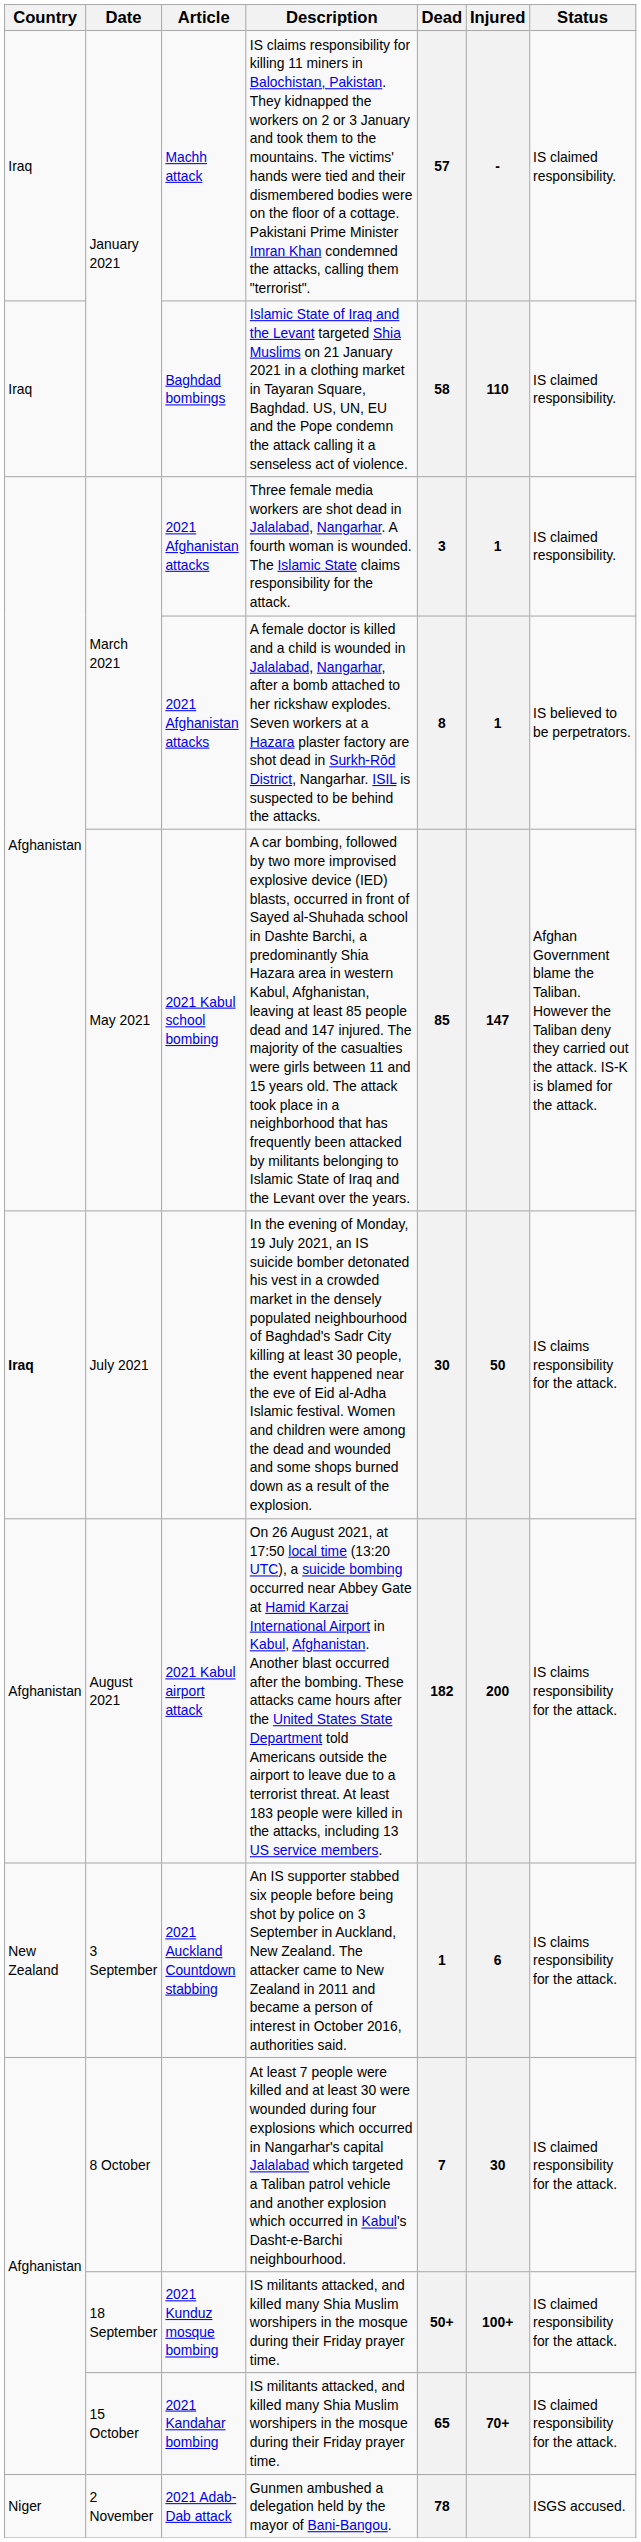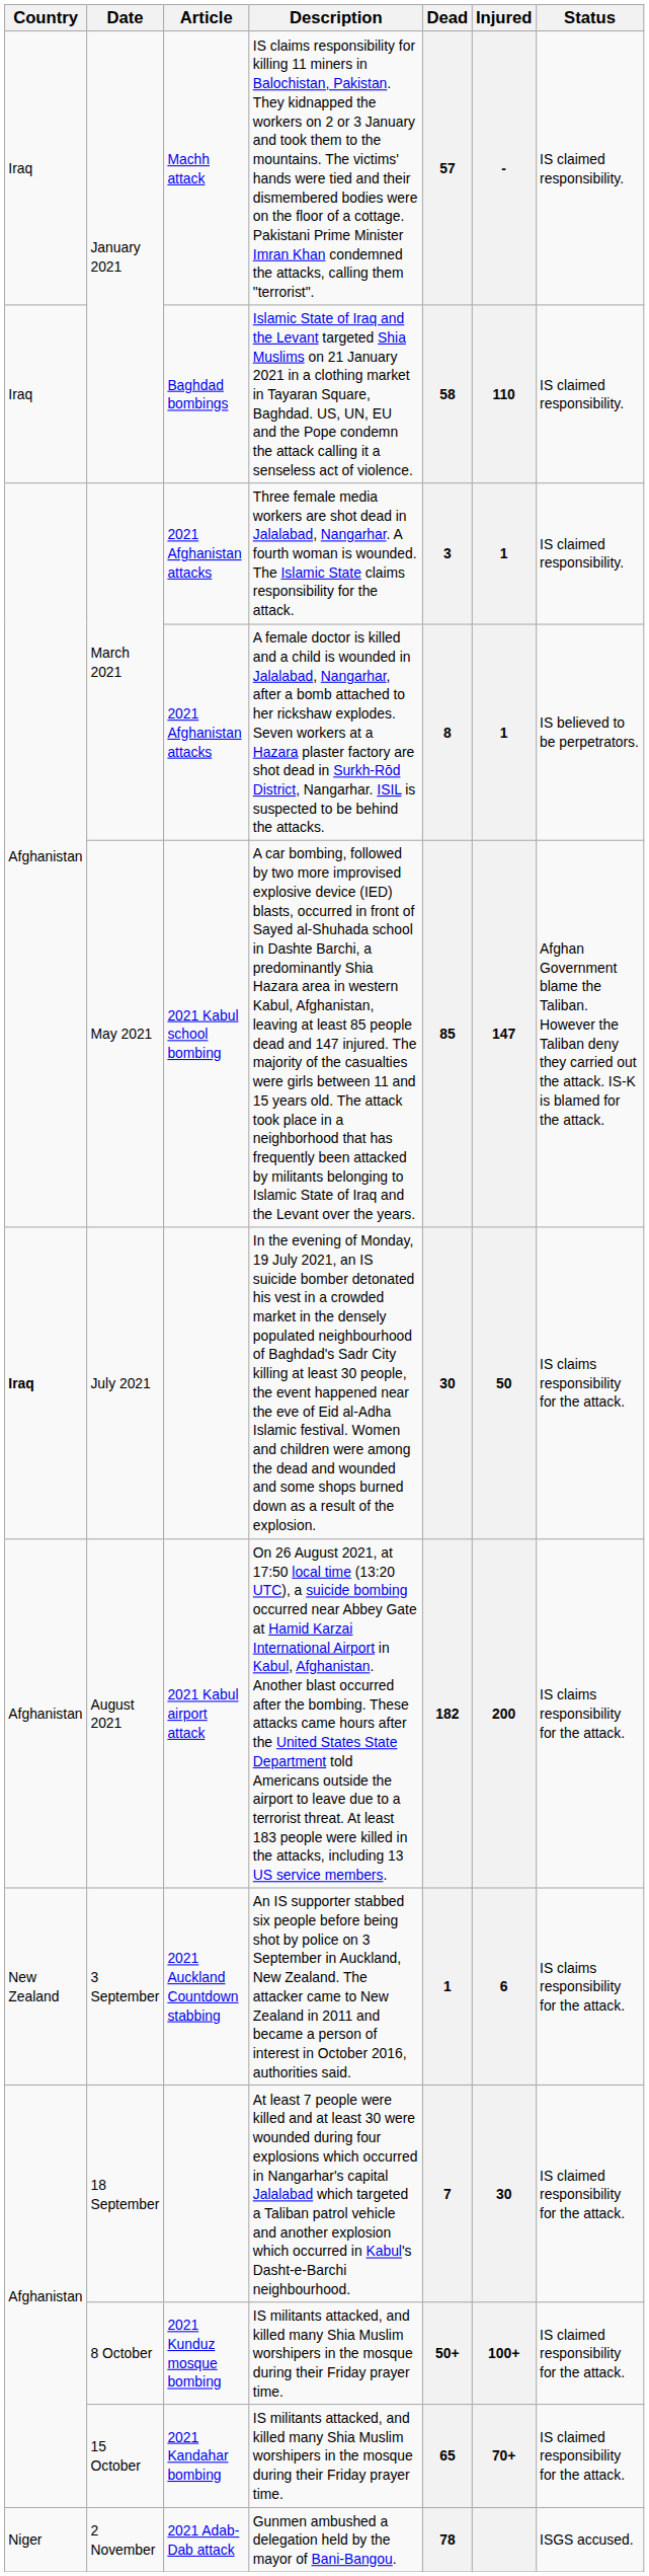 <table class="wikitable sortable">
 <tr>
 <th>Country</th>
 <th>Date</th>
 <th>Article</th>
 <th>Description</th>
 <th>Dead</th>
 <th>Injured</th>
 <th>Status</th>
 </tr>
 <tr>
 <td><small>Iraq</small></td>
 <td rowspan="2"><small>January 2021</small></td>
 <td><a href='#'><small>Machh attack</small></a></td>
 <td><small>IS claims responsibility for killing 11 miners in <a href='#'>Balochistan, Pakistan</a>. They kidnapped the workers on 2 or 3 January and took them to the mountains. The victims' hands were tied and their dismembered bodies were on the floor of a cottage. Pakistani Prime Minister <a href='#'>Imran Khan</a> condemned the attacks, calling them "terrorist".</small></td>
 <th><small>57</small></th>
 <th><small>-</small></th>
 <td><small>IS claimed responsibility.</small></td>
 </tr>
 <tr>
 <td><small>Iraq</small></td>
 <td><a href='#'><small>Baghdad bombings</small></a></td>
 <td><small><a href='#'>Islamic State of Iraq and the Levant</a> targeted <a href='#'>Shia Muslims</a> on 21 January 2021 in a clothing market in Tayaran Square, Baghdad. US, UN, EU and the Pope condemn the attack calling it a senseless act of violence.</small></td>
 <th><small>58</small></th>
 <th><small>110</small></th>
 <td><small>IS claimed responsibility.</small></td>
 </tr>
 <tr>
 <td rowspan="3"><small>Afghanistan</small></td>
 <td rowspan="2"><small>March 2021</small></td>
 <td><a href='#'><small>2021 Afghanistan attacks</small></a></td>
 <td><small>Three female media workers are shot dead in <a href='#'>Jalalabad</a>, <a href='#'>Nangarhar</a>. A fourth woman is wounded. The <a href='#'>Islamic State</a> claims responsibility for the attack.</small></td>
 <th><small>3</small></th>
 <th><small>1</small></th>
 <td><small>IS claimed responsibility.</small></td>
 </tr>
 <tr>
 <td><a href='#'><small>2021 Afghanistan attacks</small></a></td>
 <td><small>A female doctor is killed and a child is wounded in <a href='#'>Jalalabad</a>, <a href='#'>Nangarhar</a>, after a bomb attached to her rickshaw explodes. Seven workers at a <a href='#'>Hazara</a> plaster factory are shot dead in <a href='#'>Surkh-Rōd District</a>, Nangarhar. <a href='#'>ISIL</a> is suspected to be behind the attacks.</small></td>
 <th><small>8</small></th>
 <th><small>1</small></th>
 <td><small>IS believed to be perpetrators.</small></td>
 </tr>
 <tr>
 <td><small>May 2021</small></td>
 <td><a href='#'><small>2021 Kabul school bombing</small></a></td>
 <td><small>A car bombing, followed by two more improvised explosive device (IED) blasts, occurred in front of Sayed al-Shuhada school in Dashte Barchi, a predominantly Shia Hazara area in western Kabul, Afghanistan, leaving at least 85 people dead and 147 injured. The majority of the casualties were girls between 11 and 15 years old. The attack took place in a neighborhood that has frequently been attacked by militants belonging to Islamic State of Iraq and the Levant over the years.</small></td>
 <th><small>85</small></th>
 <th><small>147</small></th>
 <td><small>Afghan Government blame the Taliban. However the Taliban deny they carried out the attack. IS-K is blamed for the attack.</small></td>
 </tr>
 <tr>
 <td><strong><small>Iraq</small></strong></td>
 <td><small>July 2021</small></td>
 <td></td>
 <td><small>In the evening of Monday, 19 July 2021, an IS suicide bomber detonated his vest in a crowded market in the densely populated neighbourhood of Baghdad's Sadr City killing at least 30 people, the event happened near the eve of Eid al-Adha Islamic festival. Women and children were among the dead and wounded and some shops burned down as a result of the explosion.</small></td>
 <th><small>30</small></th>
 <th><small>50</small></th>
 <td><small>IS claims responsibility for the attack.</small></td>
 </tr>
 <tr>
 <td><small>Afghanistan</small></td>
 <td><small>August 2021</small></td>
 <td><small><a href='#'>2021 Kabul airport attack</a></small></td>
 <td><small>On 26 August 2021, at 17:50 <a href='#'>local time</a> (13:20 <a href='#'>UTC</a>), a <a href='#'>suicide bombing</a> occurred near Abbey Gate at <a href='#'>Hamid Karzai International Airport</a> in <a href='#'>Kabul</a>, <a href='#'>Afghanistan</a>. Another blast occurred after the bombing. These attacks came hours after the <a href='#'>United States State Department</a> told Americans outside the airport to leave due to a terrorist threat. At least 183 people were killed in the attacks, including 13 <a href='#'>US service members</a>.</small></td>
 <th><small>182</small></th>
 <th><small>200</small></th>
 <td><small>IS claims responsibility for the attack.</small></td>
 </tr>
 <tr>
 <td><small>New Zealand</small></td>
 <td><small>3 September</small></td>
 <td><a href='#'><small>2021 Auckland Countdown stabbing</small></a></td>
 <td><small>An IS supporter stabbed six people before being shot by police on 3 September in Auckland, New Zealand. The attacker came to New Zealand in 2011 and became a person of interest in October 2016, authorities said.</small></td>
 <th><small>1</small></th>
 <th><small>6</small></th>
 <td><small>IS claims responsibility for the attack.</small></td>
 </tr>
 <tr>
 <td rowspan="3"><small>Afghanistan</small></td>
-<td><small>8 October</small></td>
+<td><small>18 September</small></td>
 <td></td>
 <td><small>At least 7 people were killed and at least 30 were wounded during four explosions which occurred in Nangarhar's capital <a href='#'>Jalalabad</a> which targeted a Taliban patrol vehicle and another explosion which occurred in <a href='#'>Kabul</a>'s Dasht-e-Barchi neighbourhood.</small></td>
 <th><small>7</small></th>
 <th><small>30</small></th>
 <td><small>IS claimed responsibility for the attack.</small></td>
 </tr>
 <tr>
-<td><small>18 September</small></td>
+<td><small>8 October</small></td>
 <td><a href='#'><small>2021 Kunduz mosque bombing</small></a></td>
 <td><small>IS militants attacked, and killed many Shia Muslim worshipers in the mosque during their Friday prayer time.</small></td>
 <th><small>50+</small></th>
 <th><small>100+</small></th>
 <td><small>IS claimed responsibility for the attack.</small></td>
 </tr>
 <tr>
 <td><small>15 October</small></td>
 <td><a href='#'><small>2021 Kandahar bombing</small></a></td>
 <td><small>IS militants attacked, and killed many Shia Muslim worshipers in the mosque during their Friday prayer time.</small></td>
 <th><small>65</small></th>
 <th><small>70+</small></th>
 <td><small>IS claimed responsibility for the attack.</small></td>
 </tr>
 <tr>
 <td><small>Niger</small></td>
 <td><small>2 November</small></td>
 <td><a href='#'><small>2021 Adab-Dab attack</small></a></td>
 <td><small>Gunmen ambushed a delegation held by the mayor of <a href='#'>Bani-Bangou</a>.</small></td>
 <th><small>78</small></th>
 <th></th>
 <td><small>ISGS accused.</small></td>
 </tr>
 </table>
